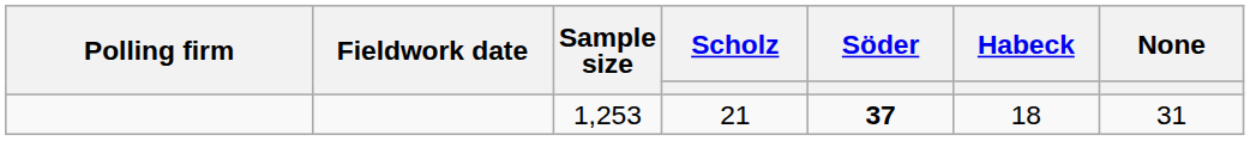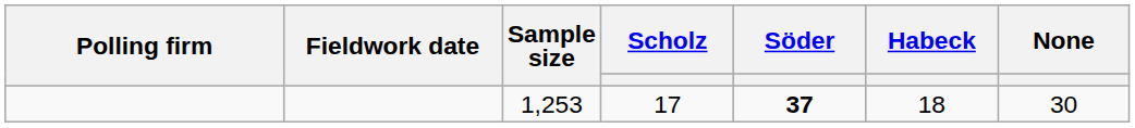 <table class="wikitable sortable mw-datatable" style="text-align:center;font-size:90%;line-height:14px;">
 <tr style="height:40px;">
 <th style="width:155px;" rowspan="2">Polling firm</th>
 <th style="width:120px;" rowspan="2">Fieldwork date</th>
 <th style="width: 35px;" rowspan="2">Sample<br>size</th>
 <th class="unsortable" style="width:70px;"><a href='#'>Scholz</a><br></th>
 <th class="unsortable" style="width:70px;"><a href='#'>Söder</a><br></th>
 <th class="unsortable" style="width:70px;"><a href='#'>Habeck</a><br></th>
 <th class="unsortable" style="width:70px;">None</th>
 </tr>
 <tr>
 <th style="background:"></th>
 <th style="background:"></th>
 <th style="background:"></th>
 <th style="background:"></th>
 </tr>
 <tr>
 <td></td>
 <td></td>
 <td>1,253</td>
-<td>21</td>
+<td>17</td>
 <td><strong>37</strong></td>
 <td>18</td>
-<td>31</td>
+<td>30</td>
 </tr>
 </table>
